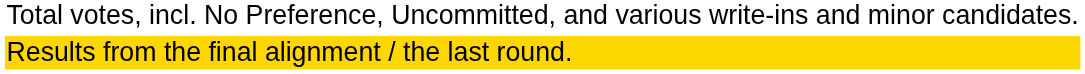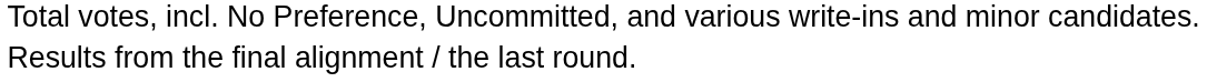 <table style="margin: 1em auto;">
 <tr>
 <td> Total votes, incl. No Preference, Uncommitted, and various write-ins and minor candidates.</td>
 </tr>
 <tr>
-<td style="background: gold;"> Results from the final alignment / the last round.</td>
+<td> Results from the final alignment / the last round.</td>
 </tr>
 </table>
